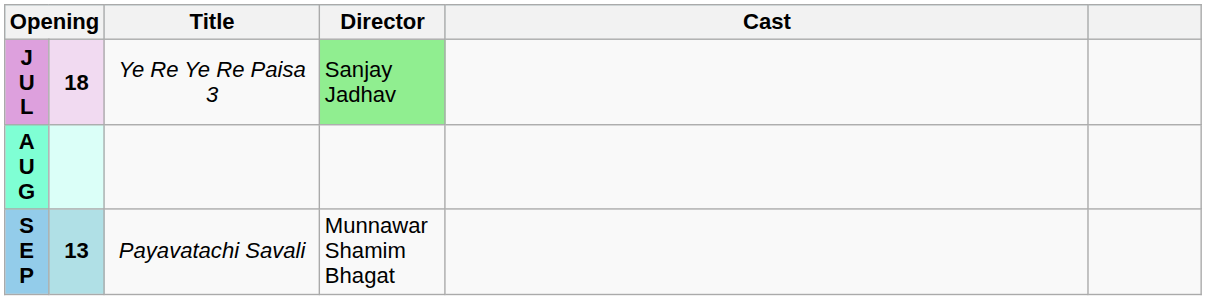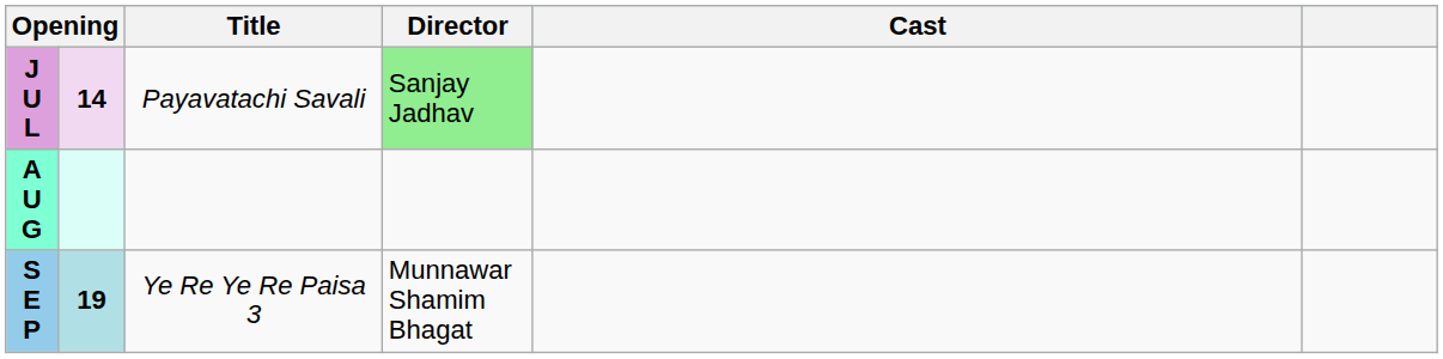 <table class="wikitable">
 <tr style="background:#b0e0e6; text-align:center;">
 <th colspan="2" style="width:6%;"><strong>Opening</strong></th>
 <th style="width:18%;"><strong>Title</strong></th>
 <th style="width:10.5%;"><strong>Director</strong></th>
 <th>Cast</th>
 <th></th>
 </tr>
 <tr>
 <td style="text-align:center; background:plum; textcolor:#000;"><strong>J<br>U<br>L</strong></td>
-<td style="text-align:center;background:#f1daf1;"><strong>18</strong></td>
-<td style="text-align:center;"><em>Ye Re Ye Re Paisa 3</em></td>
+<td style="text-align:center;background:#f1daf1;"><strong>14</strong></td>
+<td style="text-align:center;"><em>Payavatachi Savali</em></td>
 <td style="background: lightgreen;">Sanjay Jadhav</td>
 <td></td>
 <td style="text-align:center;"></td>
 </tr>
 <tr>
 <td style="text-align:center; background:#7FFFD4; textcolor:#000;"><strong>A<br>U<br>G</strong></td>
 <td style="text-align:center; background:#dbfff8; textcolor:#000;"></td>
 <td></td>
 <td></td>
 <td></td>
 <td></td>
 </tr>
 <tr>
 <td style="text-align:center; background:#93CCEA; textcolor:#000;"><strong>S<br>E<br>P</strong></td>
-<td style="text-align:center;background:#B0E0E6;"><strong>13</strong></td>
-<td style="text-align:center;"><em>Payavatachi Savali</em></td>
+<td style="text-align:center;background:#B0E0E6;"><strong>19</strong></td>
+<td style="text-align:center;"><em>Ye Re Ye Re Paisa 3</em></td>
 <td>Munnawar Shamim Bhagat</td>
 <td></td>
 <td style="text-align:center;"></td>
 </tr>
 </table>
